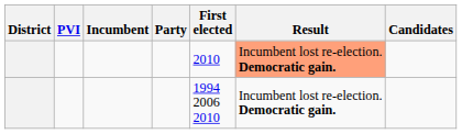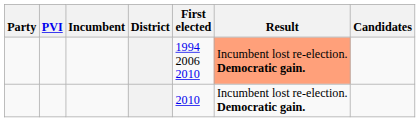 <table class="wikitable sortable">
 <tr valign=bottom>
-<th>District</th>
+<th>Party</th>
 <th><a href='#'>PVI</a></th>
 <th>Incumbent</th>
-<th>Party</th>
+<th>District</th>
 <th>First<br>elected</th>
 <th>Result</th>
 <th>Candidates</th>
 </tr>
 <tr>
-<th></th>
 <td></td>
 <td></td>
 <td></td>
-<td><a href='#'>2010</a></td>
+<th></th>
+<td><a href='#'>1994</a><br>2006 <br><a href='#'>2010</a></td>
 <td style="background: lightsalmon;">Incumbent lost re-election.<br><strong>Democratic gain.</strong></td>
 <td nowrap></td>
 </tr>
 <tr>
-<th></th>
 <td></td>
 <td></td>
 <td></td>
-<td><a href='#'>1994</a><br>2006 <br><a href='#'>2010</a></td>
+<th></th>
+<td><a href='#'>2010</a></td>
 <td>Incumbent lost re-election.<br><strong>Democratic gain.</strong></td>
 <td nowrap></td>
 </tr>
 </table>
